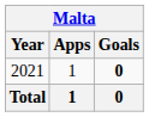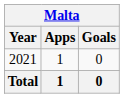 <table class="wikitable" style="text-align:center">
 <tr>
 <th colspan=3><a href='#'>Malta</a></th>
 </tr>
 <tr>
 <th>Year</th>
 <th>Apps</th>
 <th>Goals</th>
 </tr>
 <tr>
 <td>2021</td>
 <td>1</td>
-<td><strong>0</strong></td>
+<td>0</td>
 </tr>
 <tr>
 <th>Total</th>
 <th>1</th>
 <th>0</th>
 </tr>
 </table>
